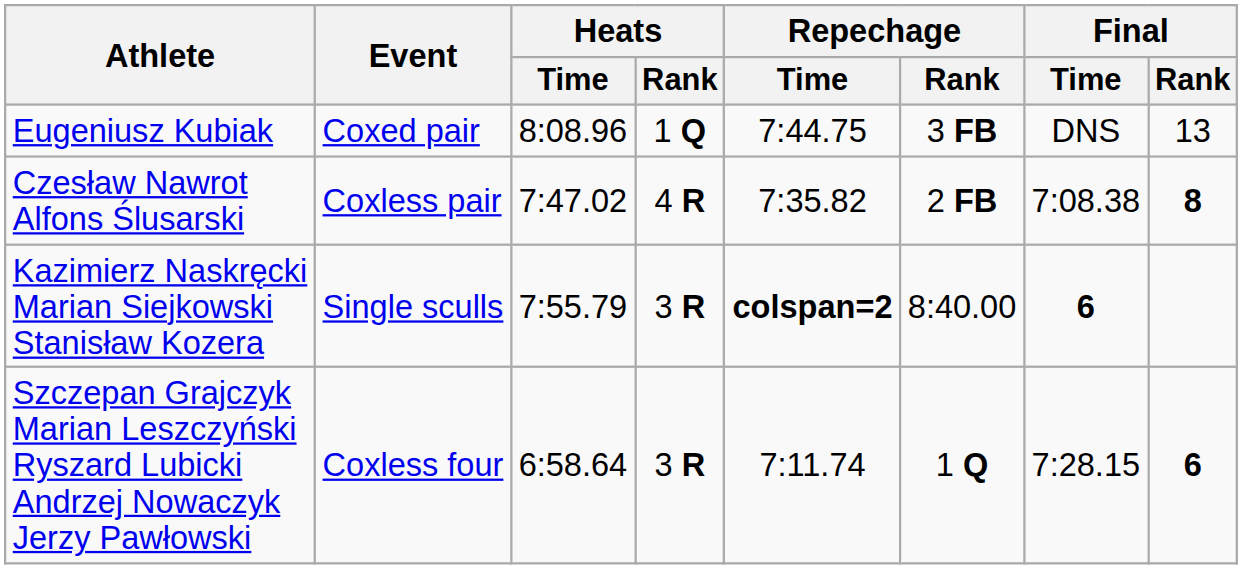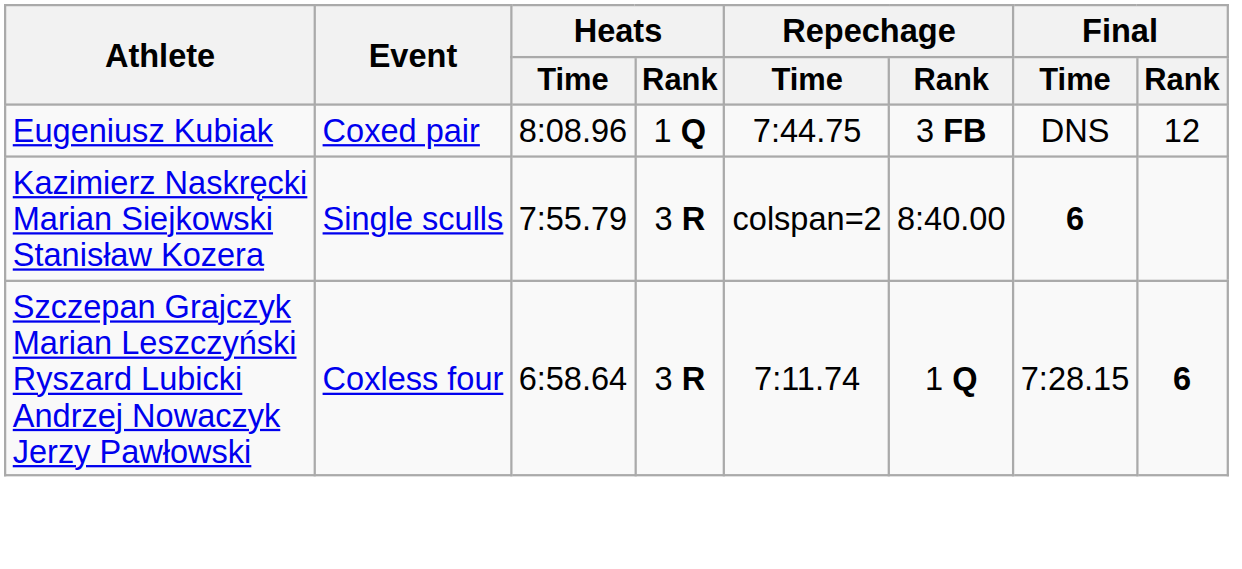 <table class="wikitable" style="font-size:90%">
 <tr>
 <th rowspan="2">Athlete</th>
 <th rowspan="2">Event</th>
 <th colspan="2">Heats</th>
 <th colspan="2">Repechage</th>
 <th colspan="2">Final</th>
 </tr>
 <tr style="font-size:95%">
 <th>Time</th>
 <th>Rank</th>
 <th>Time</th>
 <th>Rank</th>
 <th>Time</th>
 <th>Rank</th>
 </tr>
 <tr align=center>
 <td align=left><a href='#'>Eugeniusz Kubiak</a></td>
 <td align=left><a href='#'>Coxed pair</a></td>
 <td>8:08.96</td>
 <td>1 <strong>Q</strong></td>
 <td>7:44.75</td>
 <td>3 <strong>FB</strong></td>
 <td>DNS</td>
-<td>13</td>
-</tr>
-<tr align=center>
-<td align=left><a href='#'>Czesław Nawrot</a><br><a href='#'>Alfons Ślusarski</a></td>
-<td align=left><a href='#'>Coxless pair</a></td>
-<td>7:47.02</td>
-<td>4 <strong>R</strong></td>
-<td>7:35.82</td>
-<td>2 <strong>FB</strong></td>
-<td>7:08.38</td>
-<td><strong>8</strong></td>
+<td>12</td>
 </tr>
 <tr align=center>
 <td align=left><a href='#'>Kazimierz Naskręcki</a><br><a href='#'>Marian Siejkowski</a><br><a href='#'>Stanisław Kozera</a></td>
 <td align=left><a href='#'>Single sculls</a></td>
 <td>7:55.79</td>
 <td>3 <strong>R</strong></td>
-<td><strong>colspan=2 </strong></td>
+<td>colspan=2 </td>
 <td>8:40.00</td>
 <td><strong>6</strong></td>
 </tr>
 <tr align=center>
 <td align=left><a href='#'>Szczepan Grajczyk</a><br><a href='#'>Marian Leszczyński</a><br><a href='#'>Ryszard Lubicki</a><br><a href='#'>Andrzej Nowaczyk</a><br><a href='#'>Jerzy Pawłowski</a></td>
 <td align=left><a href='#'>Coxless four</a></td>
 <td>6:58.64</td>
 <td>3 <strong>R</strong></td>
 <td>7:11.74</td>
 <td>1 <strong>Q</strong></td>
 <td>7:28.15</td>
 <td><strong>6</strong></td>
 </tr>
 </table>
